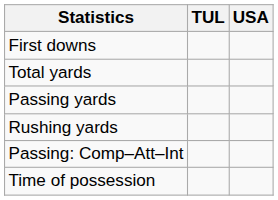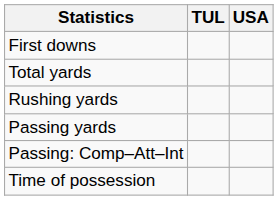 <table class="wikitable" style="float: left;">
 <tr>
 <th>Statistics</th>
 <th>TUL</th>
 <th>USA</th>
 </tr>
 <tr>
 <td>First downs</td>
 <td></td>
 <td></td>
 </tr>
 <tr>
 <td>Total yards</td>
 <td></td>
 <td></td>
 </tr>
 <tr>
-<td>Passing yards</td>
+<td>Rushing yards</td>
 <td></td>
 <td></td>
 </tr>
 <tr>
-<td>Rushing yards</td>
+<td>Passing yards</td>
 <td></td>
 <td></td>
 </tr>
 <tr>
 <td>Passing: Comp–Att–Int</td>
 <td></td>
 <td></td>
 </tr>
 <tr>
 <td>Time of possession</td>
 <td></td>
 <td></td>
 </tr>
 </table>
